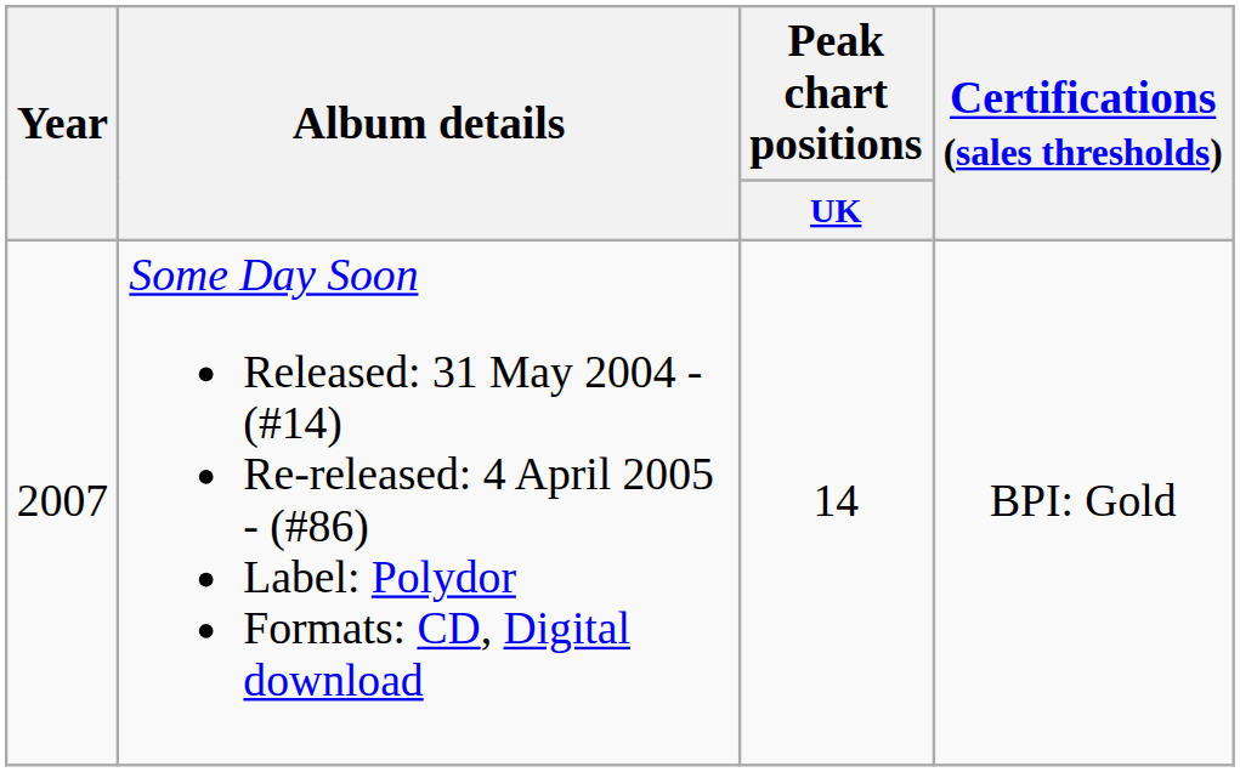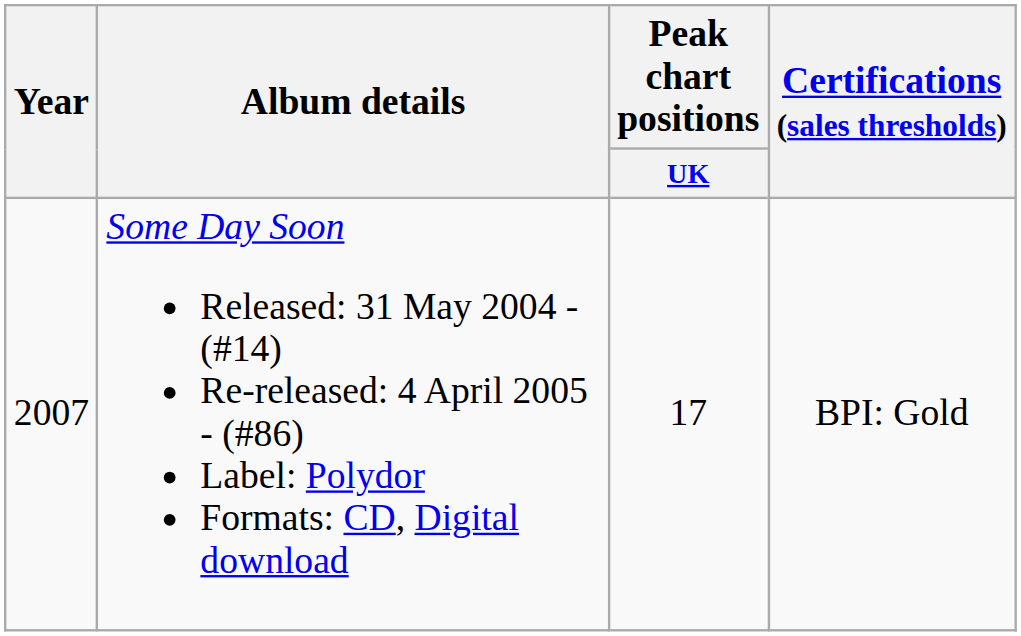 <table class="wikitable" style=text-align:center;>
 <tr>
 <th rowspan="2" width="3">Year</th>
 <th width="210" rowspan="2">Album details</th>
 <th colspan="1">Peak chart positions</th>
 <th rowspan="2"><a href='#'>Certifications</a><br><small>(<a href='#'>sales thresholds</a>)</small></th>
 </tr>
 <tr>
 <th style="width:2em;font-size:75%"><a href='#'>UK</a><br></th>
 </tr>
 <tr>
 <td>2007</td>
 <td align="left"><em><a href='#'>Some Day Soon</a></em><br><ul><li>Released: 31 May 2004 - (#14)</li><li>Re-released: 4 April 2005 - (#86)</li><li>Label: <a href='#'>Polydor</a></li><li>Formats: <a href='#'>CD</a>, <a href='#'>Digital download</a></li></ul></td>
-<td>14</td>
+<td>17</td>
 <td>BPI: Gold</td>
 </tr>
 </table>
